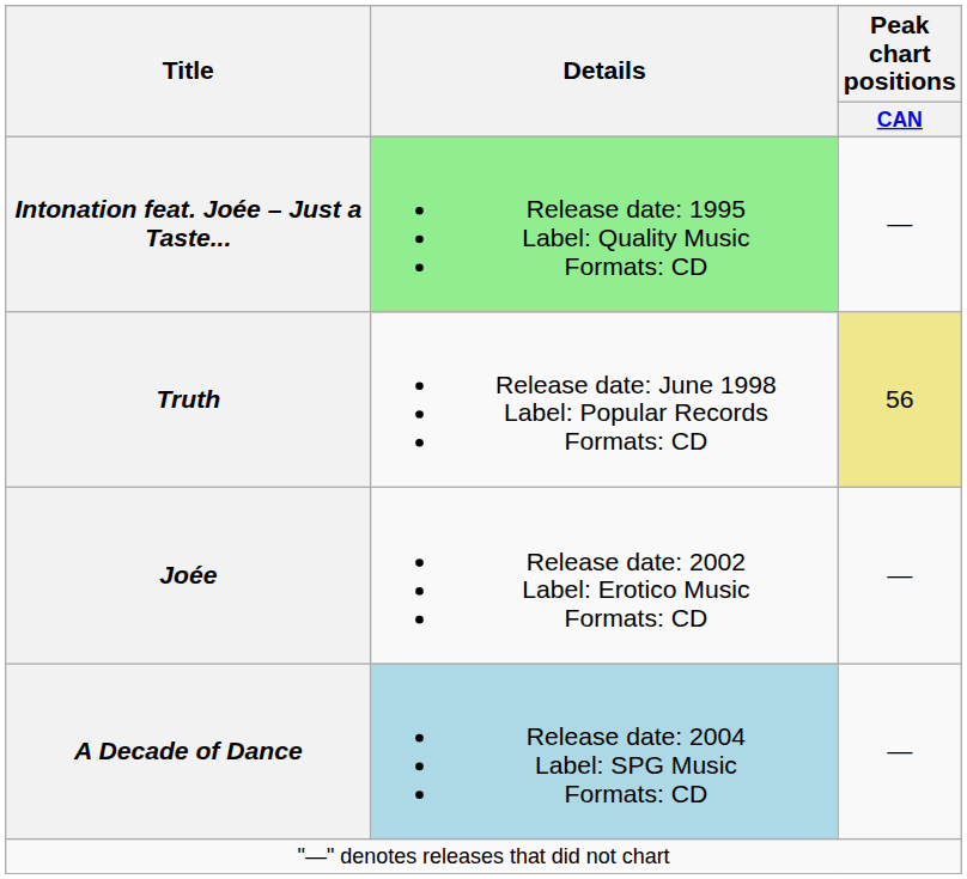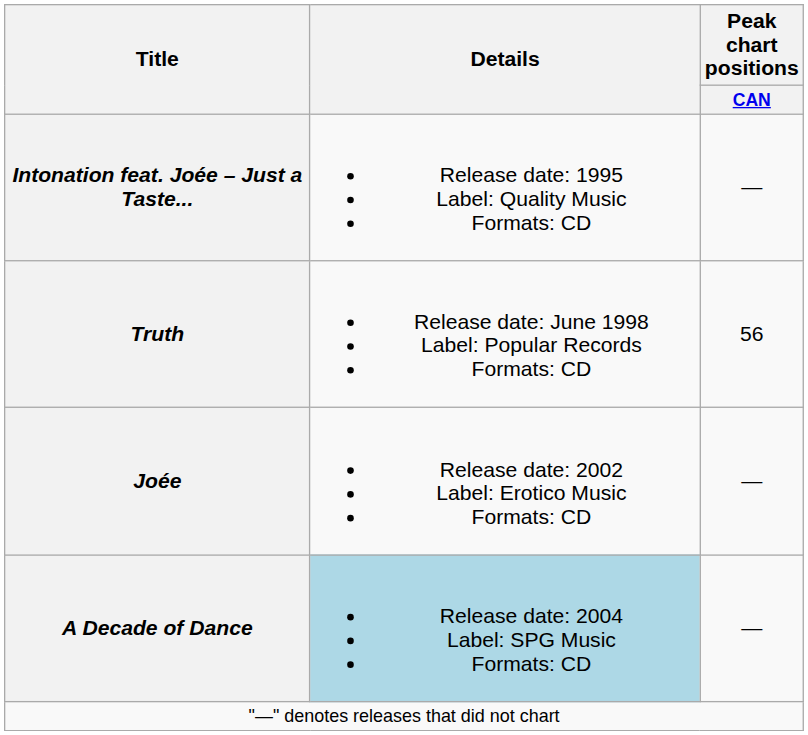 <table class="wikitable plainrowheaders" style="text-align:center;">
 <tr>
 <th rowspan="2" style="width:14em;">Title</th>
 <th rowspan="2" style="width:18em;">Details</th>
 <th colspan="1">Peak chart positions</th>
 </tr>
 <tr style="font-size:smaller;">
 <th style="width:45px;"><a href='#'>CAN</a></th>
 </tr>
 <tr>
 <th scope="row"><em>Intonation feat. Joée – Just a Taste...</em></th>
-<td style="background: lightgreen;"><br><ul><li>Release date: 1995</li><li>Label: Quality Music</li><li>Formats: CD</li></ul></td>
+<td><br><ul><li>Release date: 1995</li><li>Label: Quality Music</li><li>Formats: CD</li></ul></td>
 <td>—</td>
 </tr>
 <tr>
 <th scope="row"><em>Truth</em></th>
 <td><br><ul><li>Release date: June 1998</li><li>Label: Popular Records</li><li>Formats: CD</li></ul></td>
-<td style="background: khaki;">56</td>
+<td>56</td>
 </tr>
 <tr>
 <th scope="row"><em>Joée</em></th>
 <td><br><ul><li>Release date: 2002</li><li>Label: Erotico Music</li><li>Formats: CD</li></ul></td>
 <td>—</td>
 </tr>
 <tr>
 <th scope="row"><em>A Decade of Dance</em></th>
 <td style="background: lightblue;"><br><ul><li>Release date: 2004</li><li>Label: SPG Music</li><li>Formats: CD</li></ul></td>
 <td>—</td>
 </tr>
 <tr>
 <td colspan="15" style="font-size:85%">"—" denotes releases that did not chart</td>
 </tr>
 </table>
